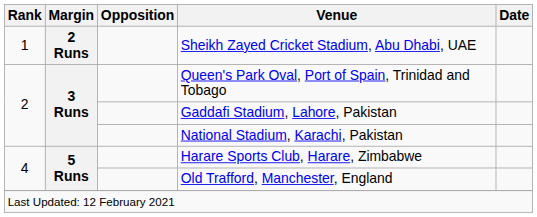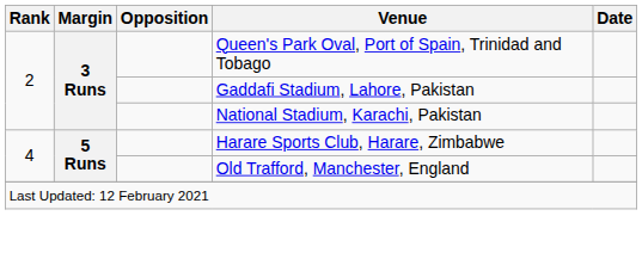 <table class="wikitable plainrowheaders sortable">
 <tr>
 <th scope=col>Rank</th>
 <th scope=col>Margin</th>
 <th scope=col>Opposition</th>
 <th scope=col>Venue</th>
 <th scope=col>Date</th>
-</tr>
-<tr>
-<td align=center>1</td>
-<th scope=row style=text-align:center>2 Runs</th>
-<td></td>
-<td><a href='#'>Sheikh Zayed Cricket Stadium</a>, <a href='#'>Abu Dhabi</a>, UAE</td>
-<td></td>
 </tr>
 <tr>
 <td align=center rowspan=3>2</td>
 <th scope=row style=text-align:center rowspan=3>3 Runs</th>
 <td></td>
 <td><a href='#'>Queen's Park Oval</a>, <a href='#'>Port of Spain</a>, Trinidad and Tobago</td>
 <td></td>
 </tr>
 <tr>
 <td></td>
 <td><a href='#'>Gaddafi Stadium</a>, <a href='#'>Lahore</a>, Pakistan</td>
 <td></td>
 </tr>
 <tr>
 <td></td>
 <td><a href='#'>National Stadium</a>, <a href='#'>Karachi</a>, Pakistan</td>
 <td></td>
 </tr>
 <tr>
 <td align=center rowspan=2>4</td>
 <th scope=row style=text-align:center rowspan=2>5 Runs</th>
 <td></td>
 <td><a href='#'>Harare Sports Club</a>, <a href='#'>Harare</a>, Zimbabwe</td>
 <td></td>
 </tr>
 <tr>
 <td></td>
 <td><a href='#'>Old Trafford</a>, <a href='#'>Manchester</a>, England</td>
 <td></td>
 </tr>
 <tr>
 </tr>
 <tr class=sortbottom>
 <td colspan=5><small>Last Updated: 12 February 2021</small></td>
 </tr>
 </table>
